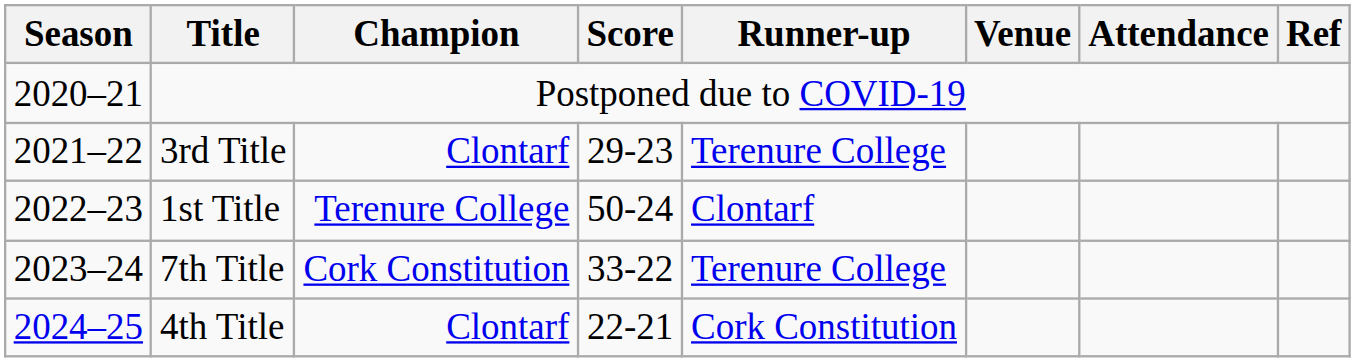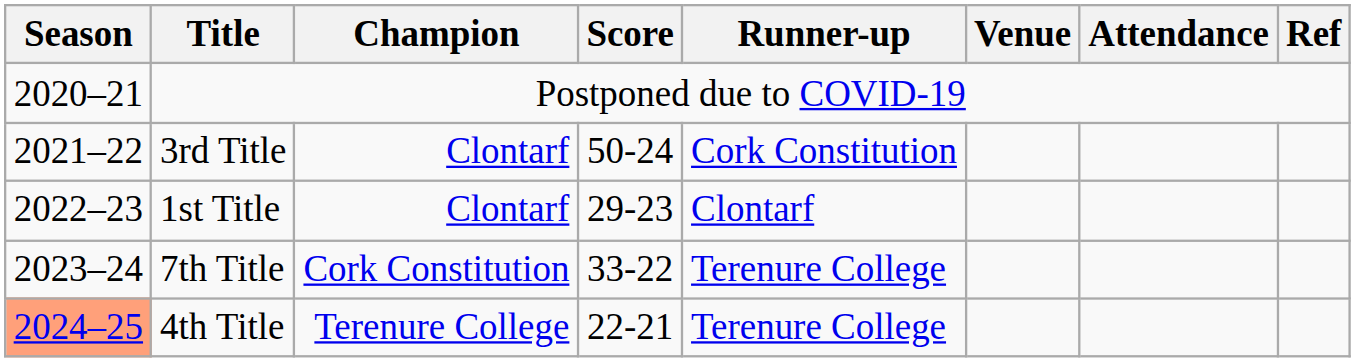 <table class="wikitable">
 <tr>
 <th>Season</th>
 <th>Title</th>
 <th> Champion</th>
 <th>Score</th>
 <th> Runner-up</th>
 <th>Venue</th>
 <th>Attendance</th>
 <th>Ref</th>
 </tr>
 <tr>
 <td>2020–21</td>
 <td align=center colspan="7">Postponed due to <a href='#'>COVID-19</a></td>
 </tr>
 <tr>
 <td>2021–22</td>
 <td>3rd Title</td>
 <td style="text-align:right;"><a href='#'>Clontarf</a></td>
-<td style="text-align:center;">29-23</td>
-<td style="text-align:left;"><a href='#'>Terenure College</a></td>
+<td style="text-align:center;">50-24</td>
+<td style="text-align:left;"><a href='#'>Cork Constitution</a></td>
 <td></td>
 <td></td>
 <td></td>
 </tr>
 <tr>
 <td>2022–23</td>
 <td>1st Title</td>
-<td style="text-align:right;"><a href='#'>Terenure College</a></td>
-<td style="text-align:center;">50-24</td>
+<td style="text-align:right;"><a href='#'>Clontarf</a></td>
+<td style="text-align:center;">29-23</td>
 <td style="text-align:left;"><a href='#'>Clontarf</a></td>
 <td></td>
 <td></td>
 <td></td>
 </tr>
 <tr>
 <td>2023–24</td>
 <td>7th Title</td>
 <td style="text-align:right;"><a href='#'>Cork Constitution</a></td>
 <td style="text-align:center;">33-22</td>
 <td style="text-align:left;"><a href='#'>Terenure College</a></td>
 <td></td>
 <td></td>
 <td></td>
 </tr>
 <tr>
-<td><a href='#'>2024–25</a></td>
+<td style="background: lightsalmon;"><a href='#'>2024–25</a></td>
 <td>4th Title</td>
-<td style="text-align:right;"><a href='#'>Clontarf</a></td>
+<td style="text-align:right;"><a href='#'>Terenure College</a></td>
 <td style="text-align:center;">22-21</td>
-<td style="text-align:left;"><a href='#'>Cork Constitution</a></td>
+<td style="text-align:left;"><a href='#'>Terenure College</a></td>
 <td></td>
 <td></td>
 <td></td>
 </tr>
 </table>
